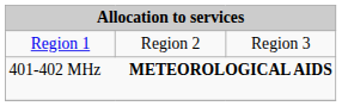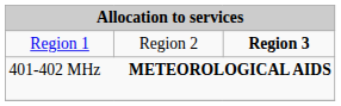 <table class=wikitable>
 <tr bgcolor="#CCCCCC" align="center">
 <td align="center" colspan="3"><strong>Allocation to services</strong></td>
 </tr>
 <tr align="center">
 <td><a href='#'>Region 1</a></td>
 <td>Region 2</td>
-<td>Region 3</td>
+<td><strong>Region 3</strong></td>
 </tr>
 <tr>
 <td colspan="3">401-402 MHz       <strong>METEOROLOGICAL AIDS</strong><br><br></td>
 </tr>
 <tr>
 </tr>
 </table>
